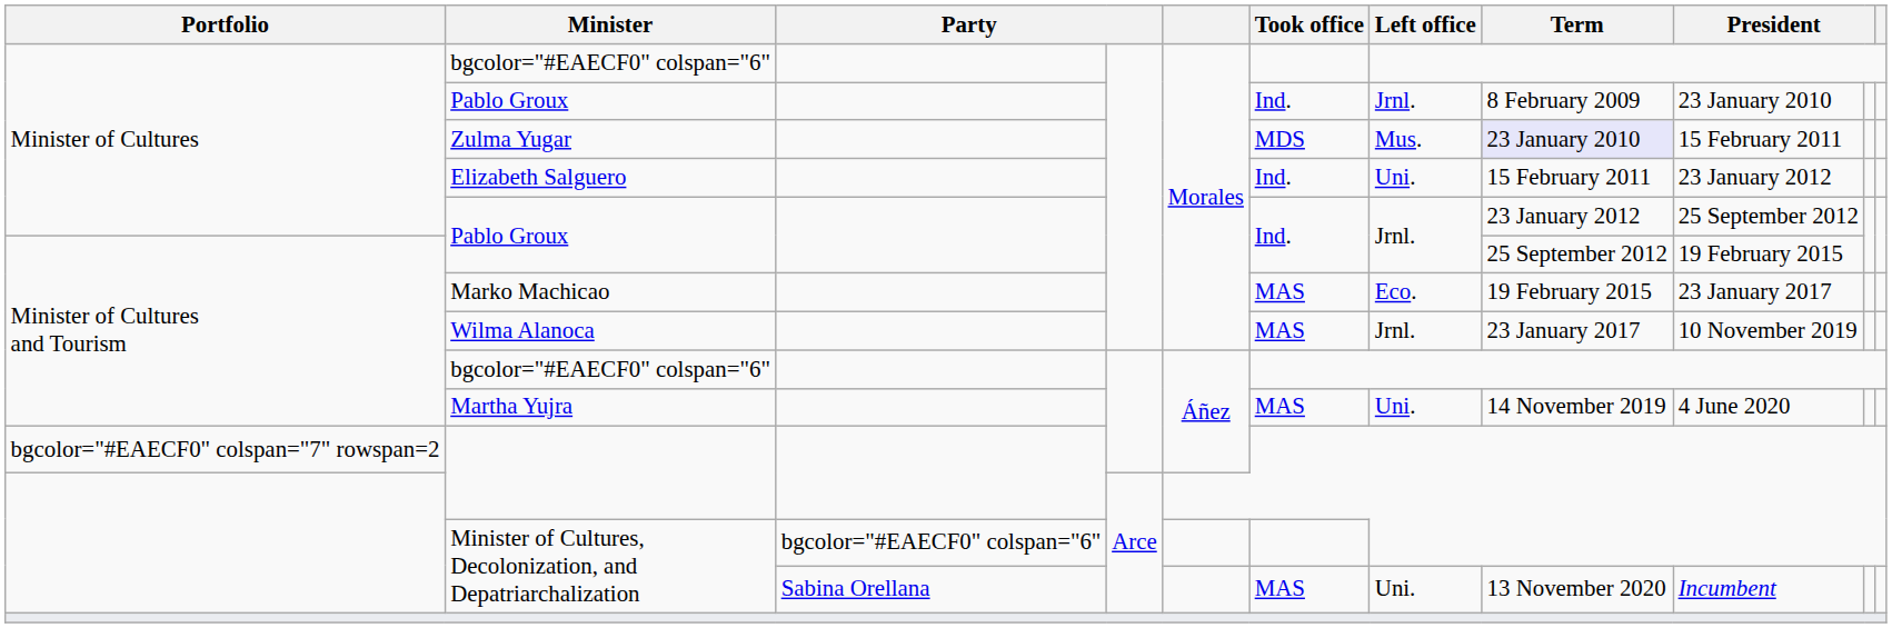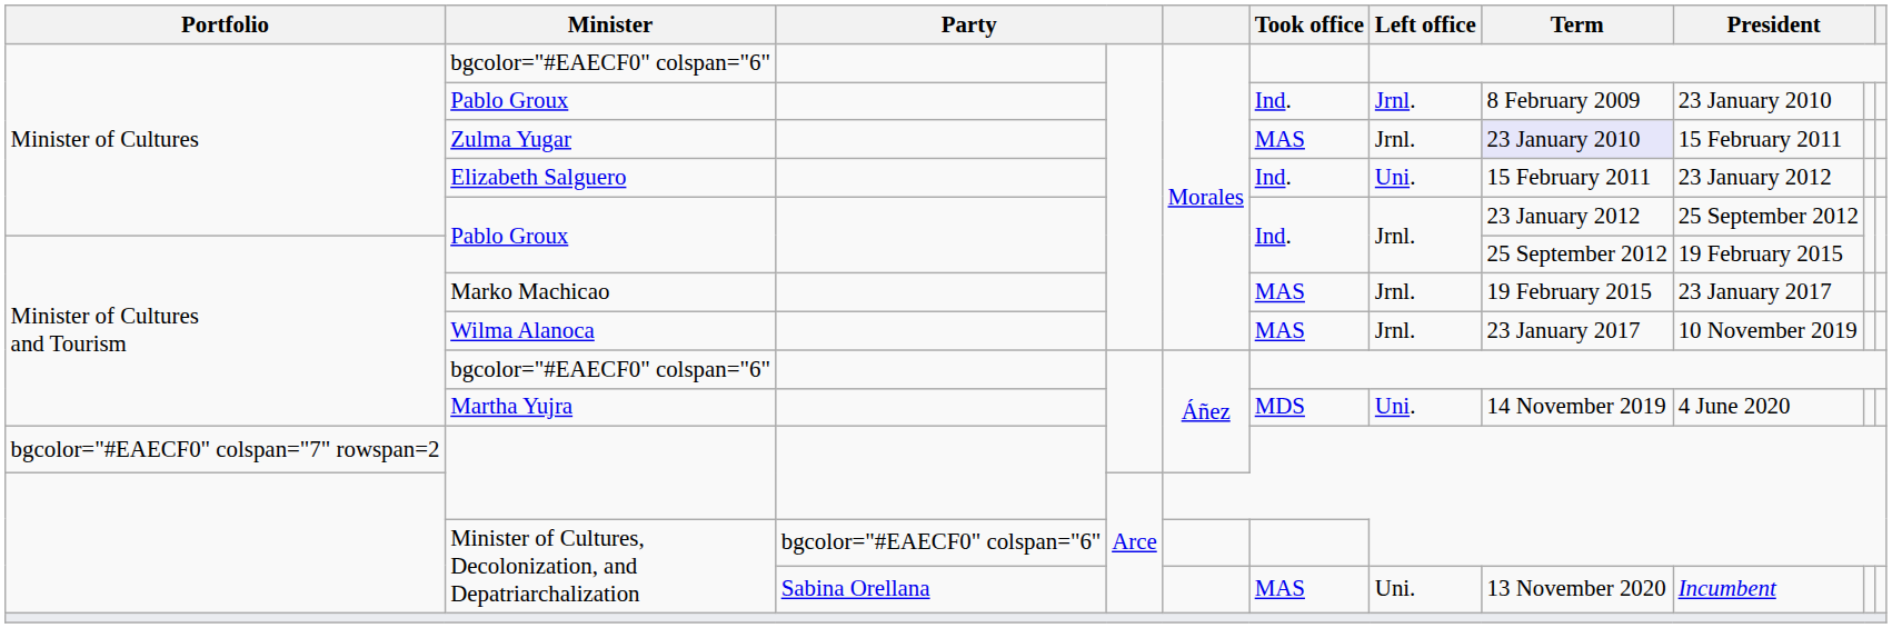 <table class="wikitable" style="font-size: 90%;">
 <tr>
 <th>Portfolio</th>
 <th>Minister</th>
 <th colspan="2">Party</th>
 <th></th>
 <th>Took office</th>
 <th>Left office</th>
 <th>Term</th>
 <th colspan=2>President</th>
 <th></th>
 </tr>
 <tr>
 <td rowspan=5>Minister of Cultures</td>
 <td>bgcolor="#EAECF0" colspan="6" </td>
 <td></td>
 <td rowspan=8 style="background-color: "></td>
 <td rowspan=8 style="text-align:center;"><a href='#'>Morales</a></td>
 <td></td>
 </tr>
 <tr>
 <td><a href='#'>Pablo Groux</a></td>
 <td style="background-color:"></td>
 <td><a href='#'>Ind</a>.</td>
 <td><a href='#'>Jrnl</a>.</td>
 <td>8 February 2009</td>
 <td>23 January 2010</td>
 <td></td>
 <td></td>
 </tr>
 <tr>
 <td><a href='#'>Zulma Yugar</a></td>
 <td style="background-color: "></td>
-<td><a href='#'>MDS</a></td>
-<td><a href='#'>Mus</a>.</td>
+<td><a href='#'>MAS</a></td>
+<td>Jrnl.</td>
 <td style="background: lavender;">23 January 2010</td>
 <td>15 February 2011</td>
 <td></td>
 <td></td>
 </tr>
 <tr>
 <td><a href='#'>Elizabeth Salguero</a></td>
 <td style="background-color: "></td>
 <td><a href='#'>Ind</a>.</td>
 <td><a href='#'>Uni</a>.</td>
 <td>15 February 2011</td>
 <td>23 January 2012</td>
 <td></td>
 <td></td>
 </tr>
 <tr>
 <td rowspan=2><a href='#'>Pablo Groux</a></td>
 <td rowspan=2 style="background-color:"></td>
 <td rowspan=2><a href='#'>Ind</a>.</td>
 <td rowspan=2>Jrnl.</td>
 <td>23 January 2012</td>
 <td>25 September 2012</td>
 <td rowspan=2></td>
 <td rowspan=2></td>
 </tr>
 <tr>
 <td rowspan=5>Minister of Cultures<br>and Tourism</td>
 <td>25 September 2012</td>
 <td>19 February 2015</td>
 </tr>
 <tr>
 <td>Marko Machicao</td>
 <td style="background-color: "></td>
 <td><a href='#'>MAS</a></td>
-<td><a href='#'>Eco</a>.</td>
+<td>Jrnl.</td>
 <td>19 February 2015</td>
 <td>23 January 2017</td>
 <td></td>
 <td></td>
 </tr>
 <tr>
 <td><a href='#'>Wilma Alanoca</a></td>
 <td style="background-color: "></td>
 <td><a href='#'>MAS</a></td>
 <td>Jrnl.</td>
 <td>23 January 2017</td>
 <td>10 November 2019</td>
 <td></td>
 <td></td>
 </tr>
 <tr>
 <td>bgcolor="#EAECF0" colspan="6" </td>
 <td></td>
 <td rowspan=3 style="background-color: "></td>
 <td rowspan=3 style="text-align:center;"><a href='#'>Áñez</a></td>
 </tr>
 <tr>
 <td><a href='#'>Martha Yujra</a></td>
 <td style="background-color: "></td>
-<td><a href='#'>MAS</a></td>
+<td><a href='#'>MDS</a></td>
 <td><a href='#'>Uni</a>.</td>
 <td>14 November 2019</td>
 <td>4 June 2020</td>
 <td></td>
 <td></td>
 </tr>
 <tr style="height:2em;">
 <td>bgcolor="#EAECF0" colspan="7" rowspan=2 </td>
 <td rowspan=2></td>
 <td rowspan=2></td>
 </tr>
 <tr style="height:2em;">
 <td rowspan=3 style="background-color: "></td>
 <td rowspan=3 style="text-align:center;"><a href='#'>Arce</a></td>
 </tr>
 <tr>
 <td rowspan=2>Minister of Cultures,<br>Decolonization, and<br>Depatriarchalization</td>
 <td>bgcolor="#EAECF0" colspan="6" </td>
 <td></td>
 <td></td>
 </tr>
 <tr>
 <td><a href='#'>Sabina Orellana</a></td>
 <td style="background-color: "></td>
 <td><a href='#'>MAS</a></td>
 <td>Uni.</td>
 <td>13 November 2020</td>
 <td><em><a href='#'>Incumbent</a></em></td>
 <td></td>
 <td></td>
 </tr>
 <tr>
 <td bgcolor="#EAECF0" colspan="11"></td>
 </tr>
 </table>
